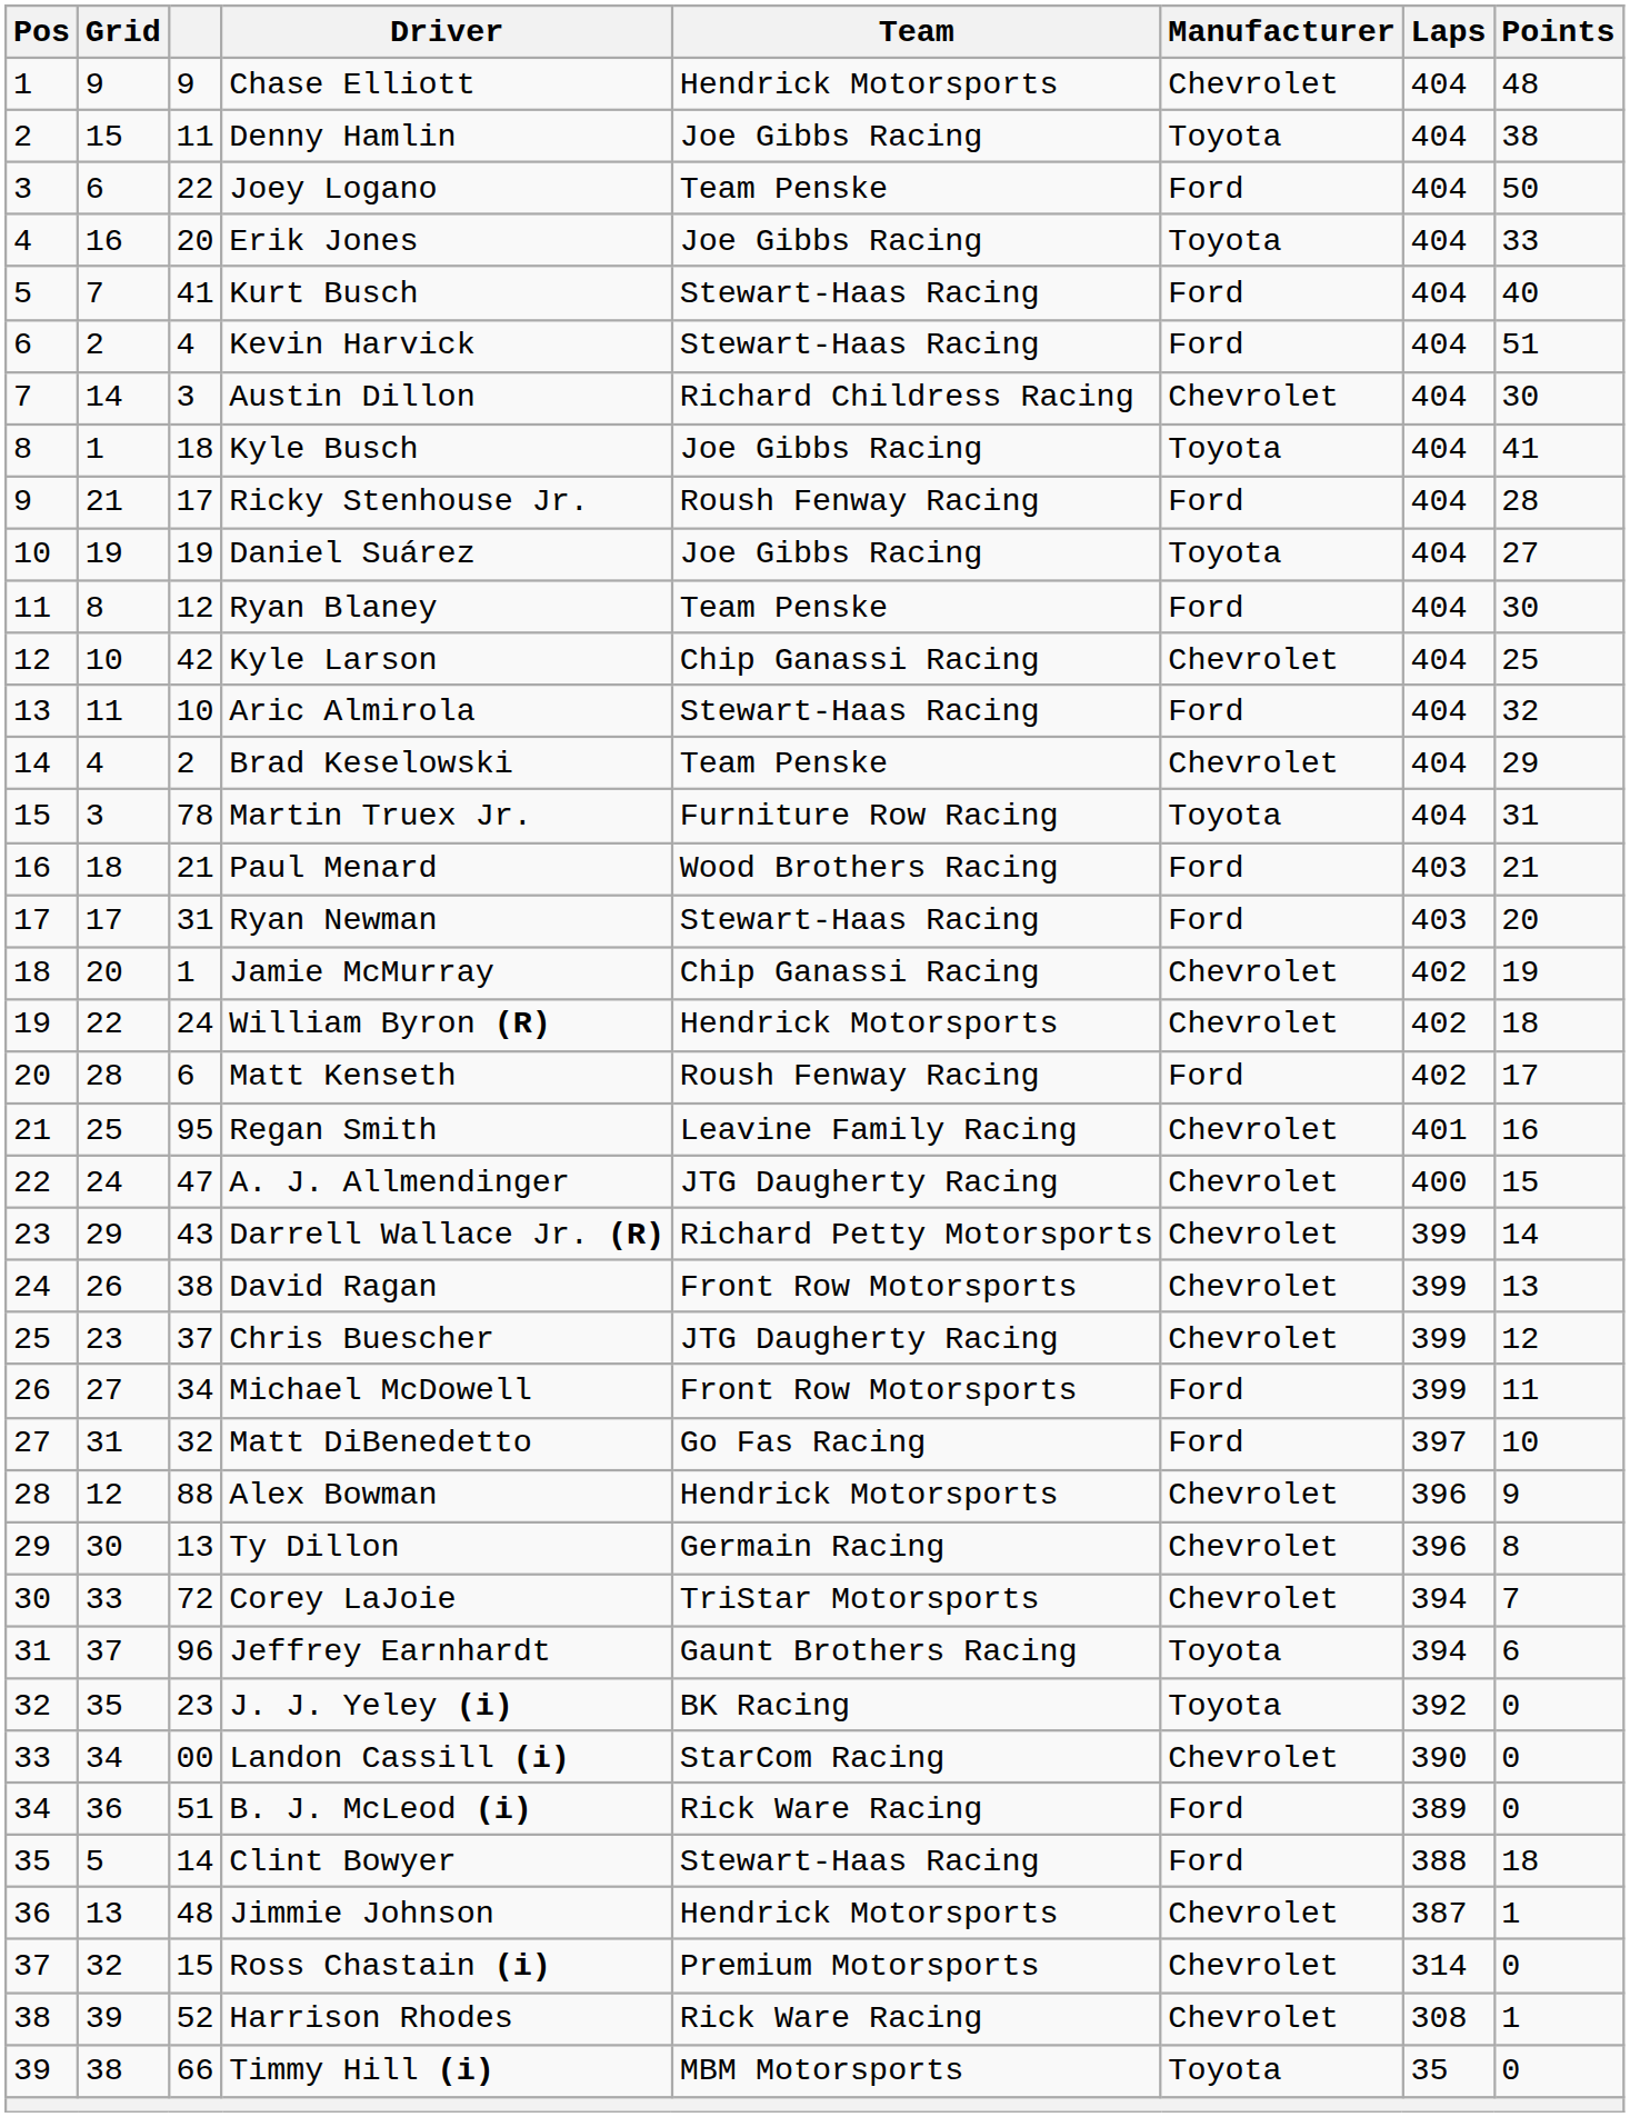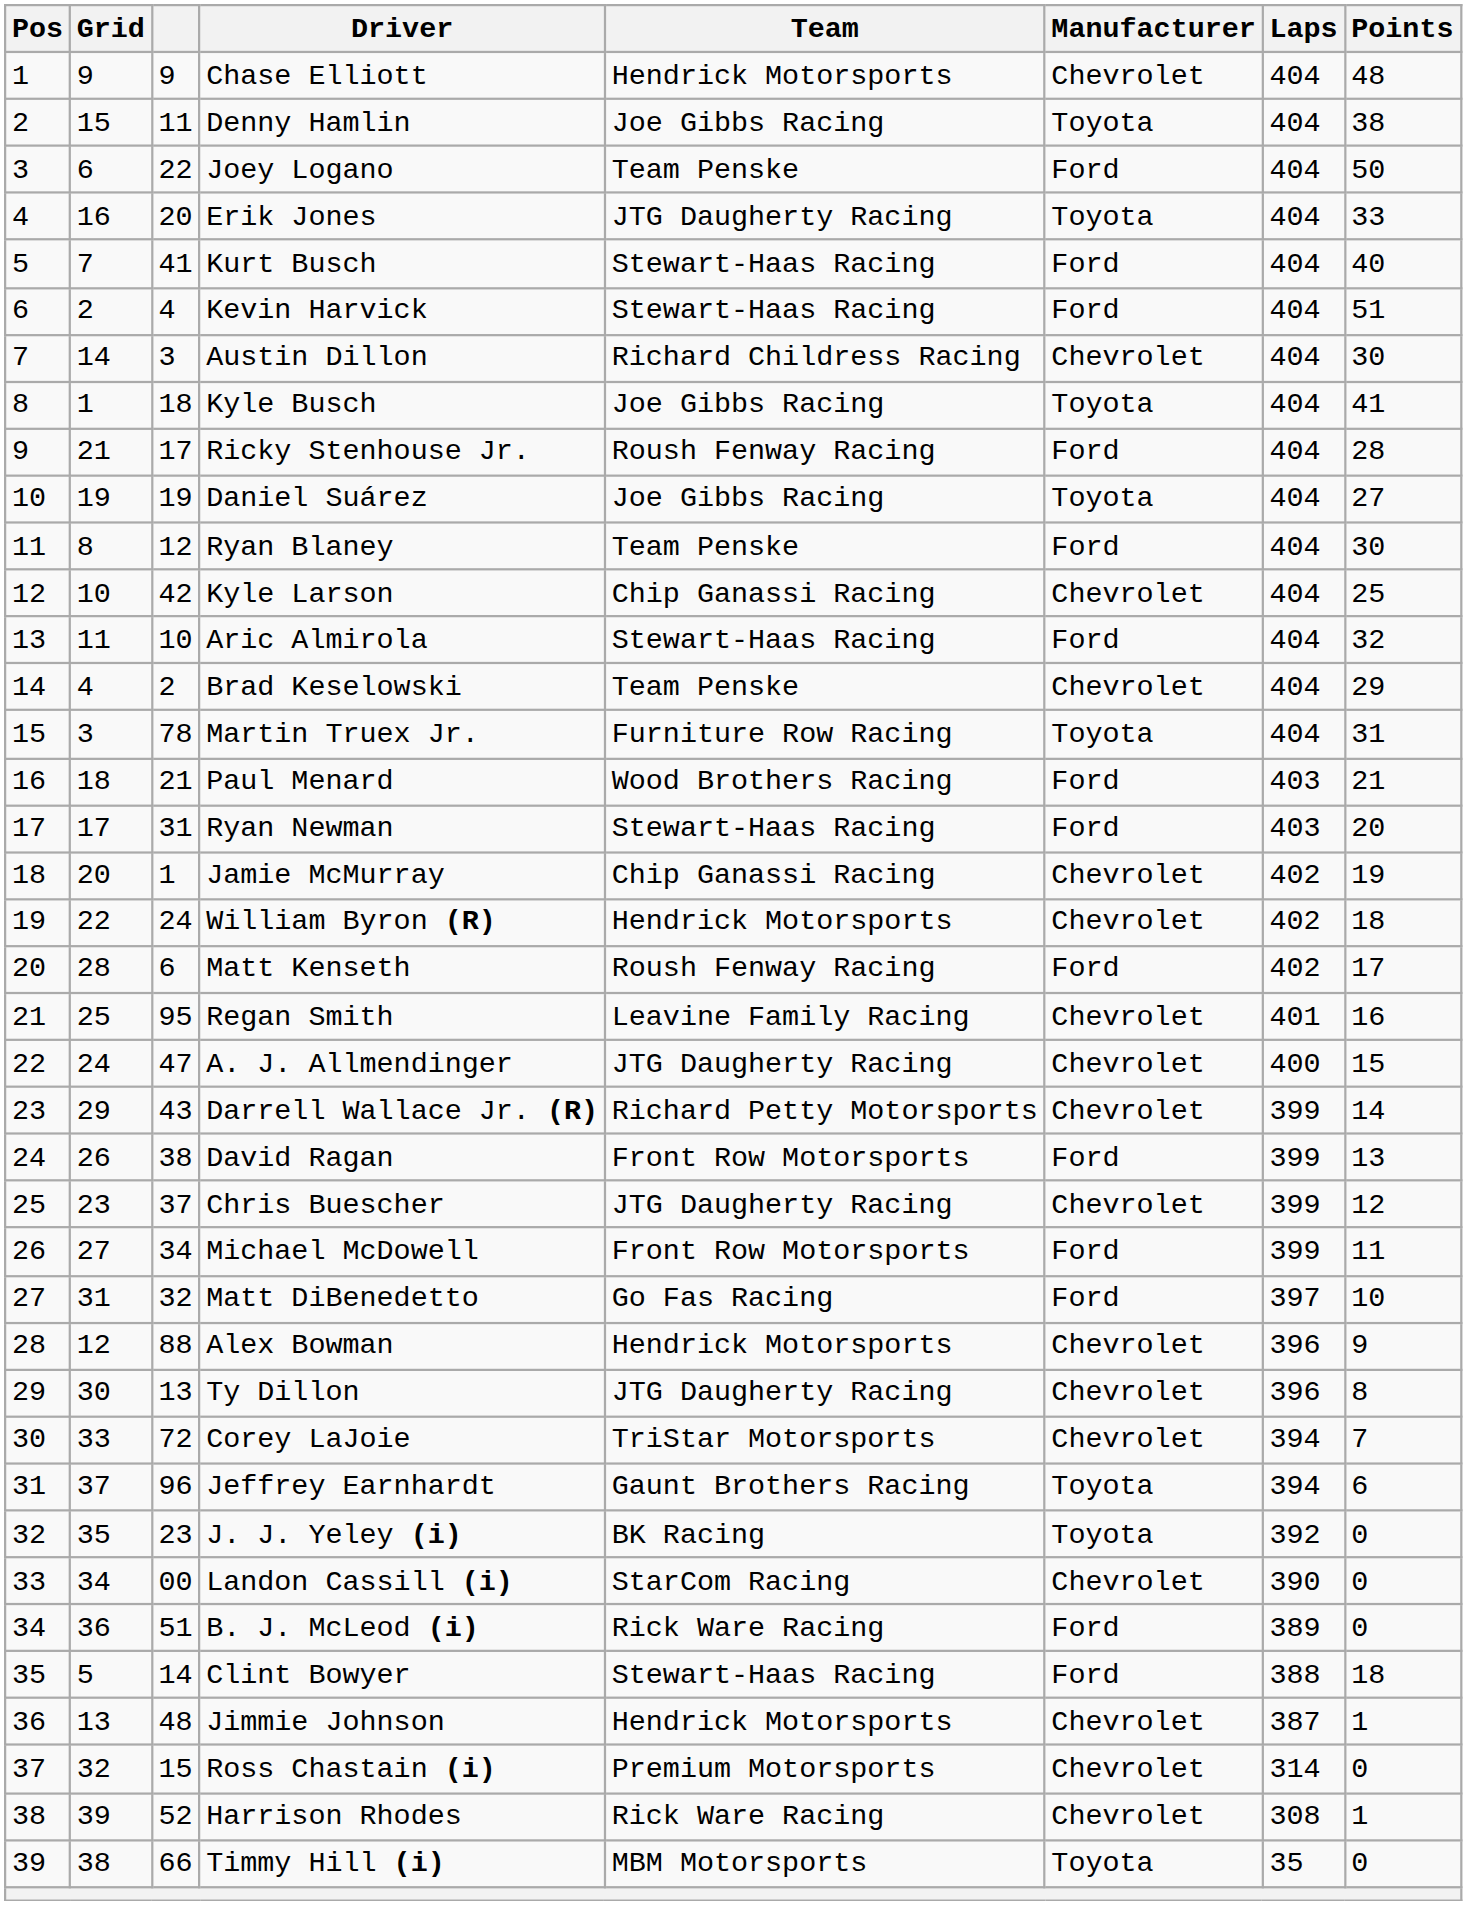 <table class="wikitable" style="font-size:98%">
 <tr>
 <th>Pos</th>
 <th>Grid</th>
 <th></th>
 <th>Driver</th>
 <th>Team</th>
 <th>Manufacturer</th>
 <th>Laps</th>
 <th>Points</th>
 </tr>
 <tr>
 <td>1</td>
 <td>9</td>
 <td>9</td>
 <td>Chase Elliott</td>
 <td>Hendrick Motorsports</td>
 <td>Chevrolet</td>
 <td>404</td>
 <td>48</td>
 </tr>
 <tr>
 <td>2</td>
 <td>15</td>
 <td>11</td>
 <td>Denny Hamlin</td>
 <td>Joe Gibbs Racing</td>
 <td>Toyota</td>
 <td>404</td>
 <td>38</td>
 </tr>
 <tr>
 <td>3</td>
 <td>6</td>
 <td>22</td>
 <td>Joey Logano</td>
 <td>Team Penske</td>
 <td>Ford</td>
 <td>404</td>
 <td>50</td>
 </tr>
 <tr>
 <td>4</td>
 <td>16</td>
 <td>20</td>
 <td>Erik Jones</td>
-<td>Joe Gibbs Racing</td>
+<td>JTG Daugherty Racing</td>
 <td>Toyota</td>
 <td>404</td>
 <td>33</td>
 </tr>
 <tr>
 <td>5</td>
 <td>7</td>
 <td>41</td>
 <td>Kurt Busch</td>
 <td>Stewart-Haas Racing</td>
 <td>Ford</td>
 <td>404</td>
 <td>40</td>
 </tr>
 <tr>
 <td>6</td>
 <td>2</td>
 <td>4</td>
 <td>Kevin Harvick</td>
 <td>Stewart-Haas Racing</td>
 <td>Ford</td>
 <td>404</td>
 <td>51</td>
 </tr>
 <tr>
 <td>7</td>
 <td>14</td>
 <td>3</td>
 <td>Austin Dillon</td>
 <td>Richard Childress Racing</td>
 <td>Chevrolet</td>
 <td>404</td>
 <td>30</td>
 </tr>
 <tr>
 <td>8</td>
 <td>1</td>
 <td>18</td>
 <td>Kyle Busch</td>
 <td>Joe Gibbs Racing</td>
 <td>Toyota</td>
 <td>404</td>
 <td>41</td>
 </tr>
 <tr>
 <td>9</td>
 <td>21</td>
 <td>17</td>
 <td>Ricky Stenhouse Jr.</td>
 <td>Roush Fenway Racing</td>
 <td>Ford</td>
 <td>404</td>
 <td>28</td>
 </tr>
 <tr>
 <td>10</td>
 <td>19</td>
 <td>19</td>
 <td>Daniel Suárez</td>
 <td>Joe Gibbs Racing</td>
 <td>Toyota</td>
 <td>404</td>
 <td>27</td>
 </tr>
 <tr>
 <td>11</td>
 <td>8</td>
 <td>12</td>
 <td>Ryan Blaney</td>
 <td>Team Penske</td>
 <td>Ford</td>
 <td>404</td>
 <td>30</td>
 </tr>
 <tr>
 <td>12</td>
 <td>10</td>
 <td>42</td>
 <td>Kyle Larson</td>
 <td>Chip Ganassi Racing</td>
 <td>Chevrolet</td>
 <td>404</td>
 <td>25</td>
 </tr>
 <tr>
 <td>13</td>
 <td>11</td>
 <td>10</td>
 <td>Aric Almirola</td>
 <td>Stewart-Haas Racing</td>
 <td>Ford</td>
 <td>404</td>
 <td>32</td>
 </tr>
 <tr>
 <td>14</td>
 <td>4</td>
 <td>2</td>
 <td>Brad Keselowski</td>
 <td>Team Penske</td>
 <td>Chevrolet</td>
 <td>404</td>
 <td>29</td>
 </tr>
 <tr>
 <td>15</td>
 <td>3</td>
 <td>78</td>
 <td>Martin Truex Jr.</td>
 <td>Furniture Row Racing</td>
 <td>Toyota</td>
 <td>404</td>
 <td>31</td>
 </tr>
 <tr>
 <td>16</td>
 <td>18</td>
 <td>21</td>
 <td>Paul Menard</td>
 <td>Wood Brothers Racing</td>
 <td>Ford</td>
 <td>403</td>
 <td>21</td>
 </tr>
 <tr>
 <td>17</td>
 <td>17</td>
 <td>31</td>
 <td>Ryan Newman</td>
 <td>Stewart-Haas Racing</td>
 <td>Ford</td>
 <td>403</td>
 <td>20</td>
 </tr>
 <tr>
 <td>18</td>
 <td>20</td>
 <td>1</td>
 <td>Jamie McMurray</td>
 <td>Chip Ganassi Racing</td>
 <td>Chevrolet</td>
 <td>402</td>
 <td>19</td>
 </tr>
 <tr>
 <td>19</td>
 <td>22</td>
 <td>24</td>
 <td>William Byron <strong>(R)</strong></td>
 <td>Hendrick Motorsports</td>
 <td>Chevrolet</td>
 <td>402</td>
 <td>18</td>
 </tr>
 <tr>
 <td>20</td>
 <td>28</td>
 <td>6</td>
 <td>Matt Kenseth</td>
 <td>Roush Fenway Racing</td>
 <td>Ford</td>
 <td>402</td>
 <td>17</td>
 </tr>
 <tr>
 <td>21</td>
 <td>25</td>
 <td>95</td>
 <td>Regan Smith</td>
 <td>Leavine Family Racing</td>
 <td>Chevrolet</td>
 <td>401</td>
 <td>16</td>
 </tr>
 <tr>
 <td>22</td>
 <td>24</td>
 <td>47</td>
 <td>A. J. Allmendinger</td>
 <td>JTG Daugherty Racing</td>
 <td>Chevrolet</td>
 <td>400</td>
 <td>15</td>
 </tr>
 <tr>
 <td>23</td>
 <td>29</td>
 <td>43</td>
 <td>Darrell Wallace Jr. <strong>(R)</strong></td>
 <td>Richard Petty Motorsports</td>
 <td>Chevrolet</td>
 <td>399</td>
 <td>14</td>
 </tr>
 <tr>
 <td>24</td>
 <td>26</td>
 <td>38</td>
 <td>David Ragan</td>
 <td>Front Row Motorsports</td>
-<td>Chevrolet</td>
+<td>Ford</td>
 <td>399</td>
 <td>13</td>
 </tr>
 <tr>
 <td>25</td>
 <td>23</td>
 <td>37</td>
 <td>Chris Buescher</td>
 <td>JTG Daugherty Racing</td>
 <td>Chevrolet</td>
 <td>399</td>
 <td>12</td>
 </tr>
 <tr>
 <td>26</td>
 <td>27</td>
 <td>34</td>
 <td>Michael McDowell</td>
 <td>Front Row Motorsports</td>
 <td>Ford</td>
 <td>399</td>
 <td>11</td>
 </tr>
 <tr>
 <td>27</td>
 <td>31</td>
 <td>32</td>
 <td>Matt DiBenedetto</td>
 <td>Go Fas Racing</td>
 <td>Ford</td>
 <td>397</td>
 <td>10</td>
 </tr>
 <tr>
 <td>28</td>
 <td>12</td>
 <td>88</td>
 <td>Alex Bowman</td>
 <td>Hendrick Motorsports</td>
 <td>Chevrolet</td>
 <td>396</td>
 <td>9</td>
 </tr>
 <tr>
 <td>29</td>
 <td>30</td>
 <td>13</td>
 <td>Ty Dillon</td>
-<td>Germain Racing</td>
+<td>JTG Daugherty Racing</td>
 <td>Chevrolet</td>
 <td>396</td>
 <td>8</td>
 </tr>
 <tr>
 <td>30</td>
 <td>33</td>
 <td>72</td>
 <td>Corey LaJoie</td>
 <td>TriStar Motorsports</td>
 <td>Chevrolet</td>
 <td>394</td>
 <td>7</td>
 </tr>
 <tr>
 <td>31</td>
 <td>37</td>
 <td>96</td>
 <td>Jeffrey Earnhardt</td>
 <td>Gaunt Brothers Racing</td>
 <td>Toyota</td>
 <td>394</td>
 <td>6</td>
 </tr>
 <tr>
 <td>32</td>
 <td>35</td>
 <td>23</td>
 <td>J. J. Yeley <strong>(i)</strong></td>
 <td>BK Racing</td>
 <td>Toyota</td>
 <td>392</td>
 <td>0</td>
 </tr>
 <tr>
 <td>33</td>
 <td>34</td>
 <td>00</td>
 <td>Landon Cassill <strong>(i)</strong></td>
 <td>StarCom Racing</td>
 <td>Chevrolet</td>
 <td>390</td>
 <td>0</td>
 </tr>
 <tr>
 <td>34</td>
 <td>36</td>
 <td>51</td>
 <td>B. J. McLeod <strong>(i)</strong></td>
 <td>Rick Ware Racing</td>
 <td>Ford</td>
 <td>389</td>
 <td>0</td>
 </tr>
 <tr>
 <td>35</td>
 <td>5</td>
 <td>14</td>
 <td>Clint Bowyer</td>
 <td>Stewart-Haas Racing</td>
 <td>Ford</td>
 <td>388</td>
 <td>18</td>
 </tr>
 <tr>
 <td>36</td>
 <td>13</td>
 <td>48</td>
 <td>Jimmie Johnson</td>
 <td>Hendrick Motorsports</td>
 <td>Chevrolet</td>
 <td>387</td>
 <td>1</td>
 </tr>
 <tr>
 <td>37</td>
 <td>32</td>
 <td>15</td>
 <td>Ross Chastain <strong>(i)</strong></td>
 <td>Premium Motorsports</td>
 <td>Chevrolet</td>
 <td>314</td>
 <td>0</td>
 </tr>
 <tr>
 <td>38</td>
 <td>39</td>
 <td>52</td>
 <td>Harrison Rhodes</td>
 <td>Rick Ware Racing</td>
 <td>Chevrolet</td>
 <td>308</td>
 <td>1</td>
 </tr>
 <tr>
 <td>39</td>
 <td>38</td>
 <td>66</td>
 <td>Timmy Hill <strong>(i)</strong></td>
 <td>MBM Motorsports</td>
 <td>Toyota</td>
 <td>35</td>
 <td>0</td>
 </tr>
 <tr>
 <th colspan="8"></th>
 </tr>
 </table>
